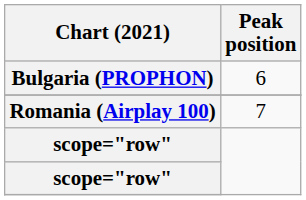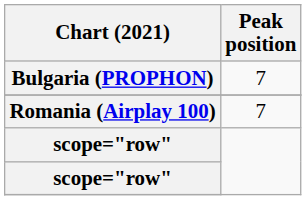 <table class="wikitable sortable plainrowheaders" style="text-align:center">
 <tr>
 <th scope="col">Chart (2021)</th>
 <th scope="col">Peak<br>position</th>
 </tr>
 <tr>
 <th scope="row">Bulgaria (<a href='#'>PROPHON</a>)</th>
-<td>6</td>
+<td>7</td>
 </tr>
 <tr>
 </tr>
 <tr>
 <th scope="row">Romania (<a href='#'>Airplay 100</a>)</th>
 <td>7</td>
 </tr>
 <tr>
 <th>scope="row"</th>
 </tr>
 <tr>
 <th>scope="row"</th>
 </tr>
 <tr>
 </tr>
 <tr>
 </tr>
 </table>
